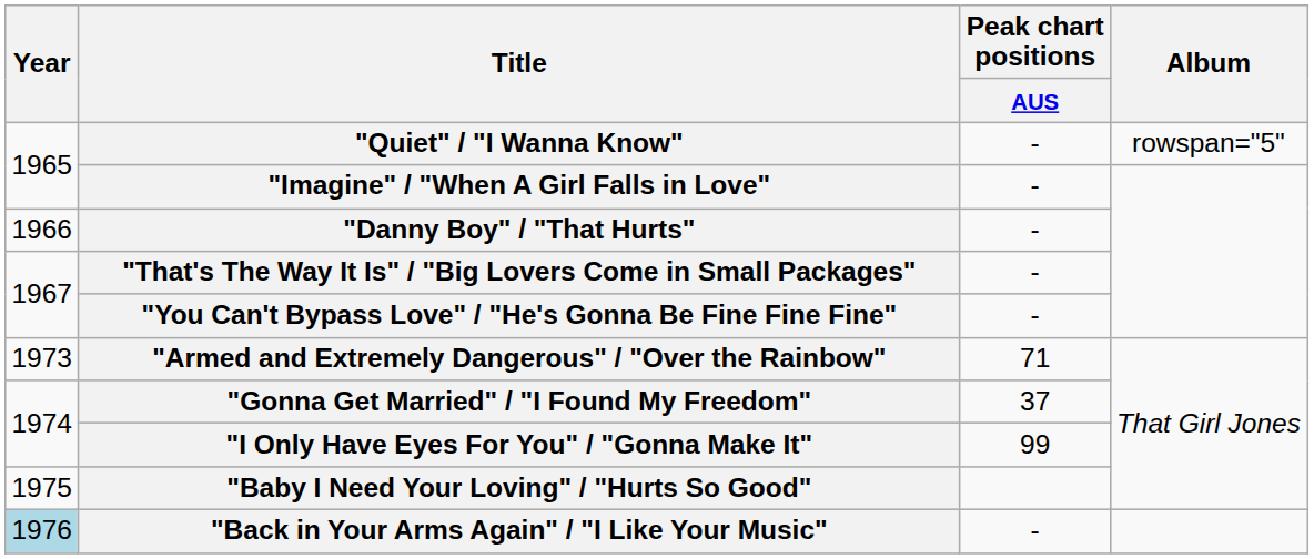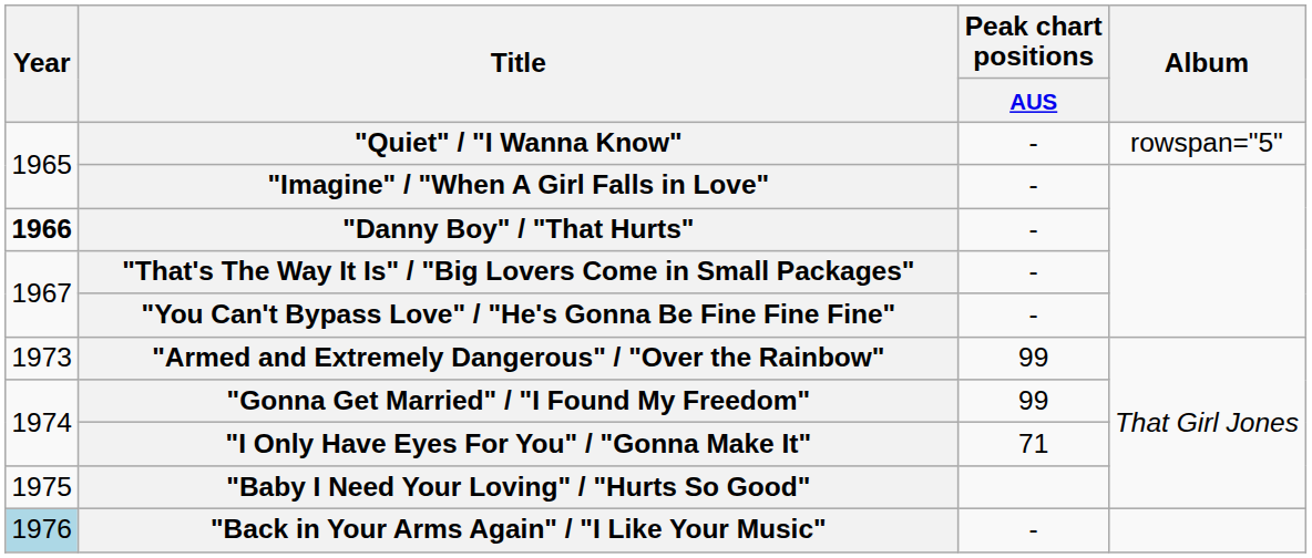 <table class="wikitable plainrowheaders" style="text-align:center;" border="1">
 <tr>
 <th scope="col" rowspan="2">Year</th>
 <th scope="col" rowspan="2" style="width:32em;">Title</th>
 <th scope="col" colspan="1">Peak chart<br>positions</th>
 <th scope="col" rowspan="2">Album</th>
 </tr>
 <tr>
 <th scope="col" style="text-align:center;"><small><a href='#'>AUS</a></small><br></th>
 </tr>
 <tr>
 <td rowspan="2">1965</td>
 <th scope="row">"Quiet" / "I Wanna Know"</th>
 <td style="text-align:center;">-</td>
 <td>rowspan="5"  </td>
 </tr>
 <tr>
 <th scope="row">"Imagine" / "When A Girl Falls in Love"</th>
 <td style="text-align:center;">-</td>
 </tr>
 <tr>
-<td>1966</td>
+<td><strong>1966</strong></td>
 <th scope="row">"Danny Boy" / "That Hurts"</th>
 <td style="text-align:center;">-</td>
 </tr>
 <tr>
 <td rowspan="2">1967</td>
 <th scope="row">"That's The Way It Is" / "Big Lovers Come in Small Packages"</th>
 <td style="text-align:center;">-</td>
 </tr>
 <tr>
 <th scope="row">"You Can't Bypass Love" / "He's Gonna Be Fine Fine Fine"</th>
 <td style="text-align:center;">-</td>
 </tr>
 <tr>
 <td>1973</td>
 <th scope="row">"Armed and Extremely Dangerous" / "Over the Rainbow"</th>
-<td style="text-align:center;">71</td>
+<td style="text-align:center;">99</td>
 <td rowspan="4"><em>That Girl Jones</em></td>
 </tr>
 <tr>
 <td rowspan="2">1974</td>
 <th scope="row">"Gonna Get Married" / "I Found My Freedom"</th>
-<td style="text-align:center;">37</td>
+<td style="text-align:center;">99</td>
 </tr>
 <tr>
 <th scope="row">"I Only Have Eyes For You" / "Gonna Make It"</th>
-<td style="text-align:center;">99</td>
+<td style="text-align:center;">71</td>
 </tr>
 <tr>
 <td>1975</td>
 <th scope="row">"Baby I Need Your Loving" / "Hurts So Good"</th>
 <td style="text-align:center;"></td>
 </tr>
 <tr>
 <td style="background: lightblue;">1976</td>
 <th scope="row">"Back in Your Arms Again" / "I Like Your Music"</th>
 <td style="text-align:center;">-</td>
 <td></td>
 </tr>
 </table>
